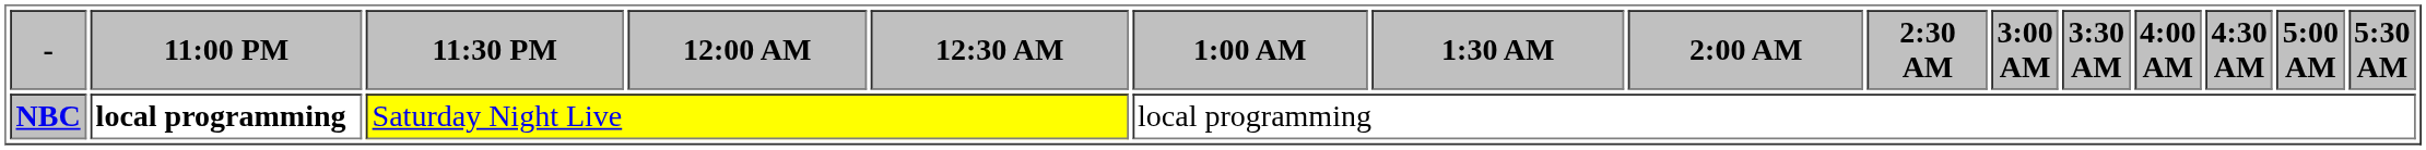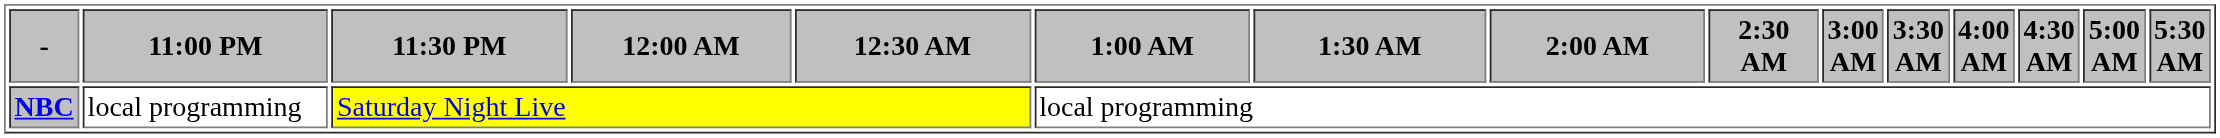 <table border="1" cellpadding="2">
 <tr>
 <th bgcolor="#C0C0C0">-</th>
 <th width="13%" bgcolor="#C0C0C0">11:00 PM</th>
 <th width="14%" bgcolor="#C0C0C0">11:30 PM</th>
 <th width="13%" bgcolor="#C0C0C0">12:00 AM</th>
 <th width="14%" bgcolor="#C0C0C0">12:30 AM</th>
 <th width="13%" bgcolor="#C0C0C0">1:00 AM</th>
 <th width="14%" bgcolor="#C0C0C0">1:30 AM</th>
 <th width="13%" bgcolor="#C0C0C0">2:00 AM</th>
 <th width="14%" bgcolor="#C0C0C0">2:30 AM</th>
 <th width="13%" bgcolor="#C0C0C0">3:00 AM</th>
 <th width="14%" bgcolor="#C0C0C0">3:30 AM</th>
 <th width="13%" bgcolor="#C0C0C0">4:00 AM</th>
 <th width="14%" bgcolor="#C0C0C0">4:30 AM</th>
 <th width="13%" bgcolor="#C0C0C0">5:00 AM</th>
 <th width="14%" bgcolor="#C0C0C0">5:30 AM</th>
 </tr>
 <tr>
 <th bgcolor="#C0C0C0"><a href='#'>NBC</a></th>
-<td bgcolor="white"><strong>local programming</strong></td>
+<td bgcolor="white">local programming</td>
 <td bgcolor="yellow" colspan="3"><a href='#'>Saturday Night Live</a></td>
 <td bgcolor="white" colspan="10">local programming</td>
 </tr>
 </table>
